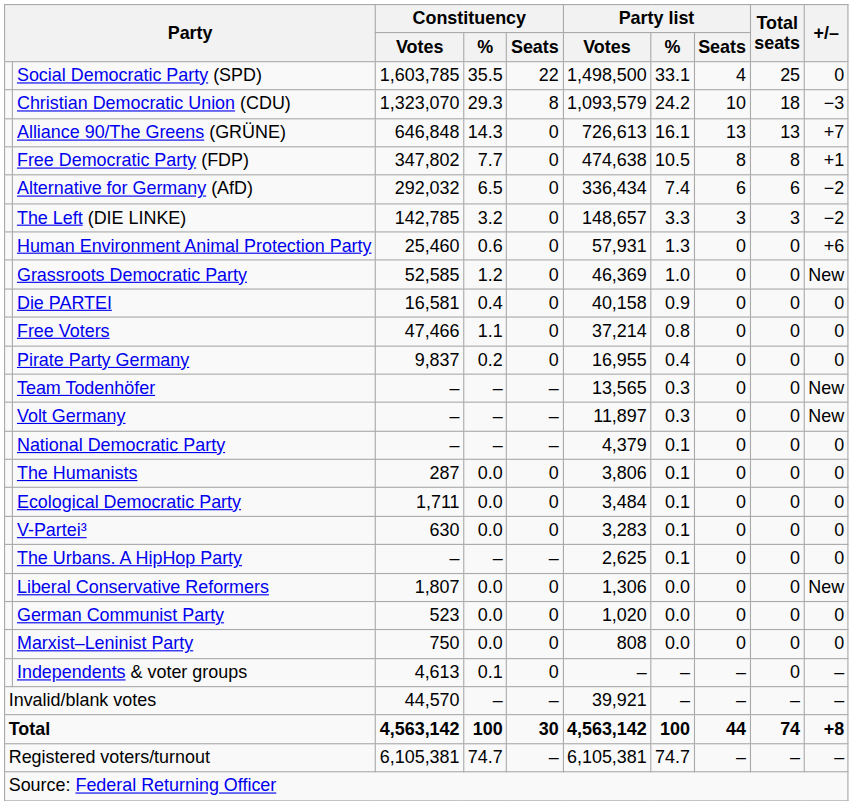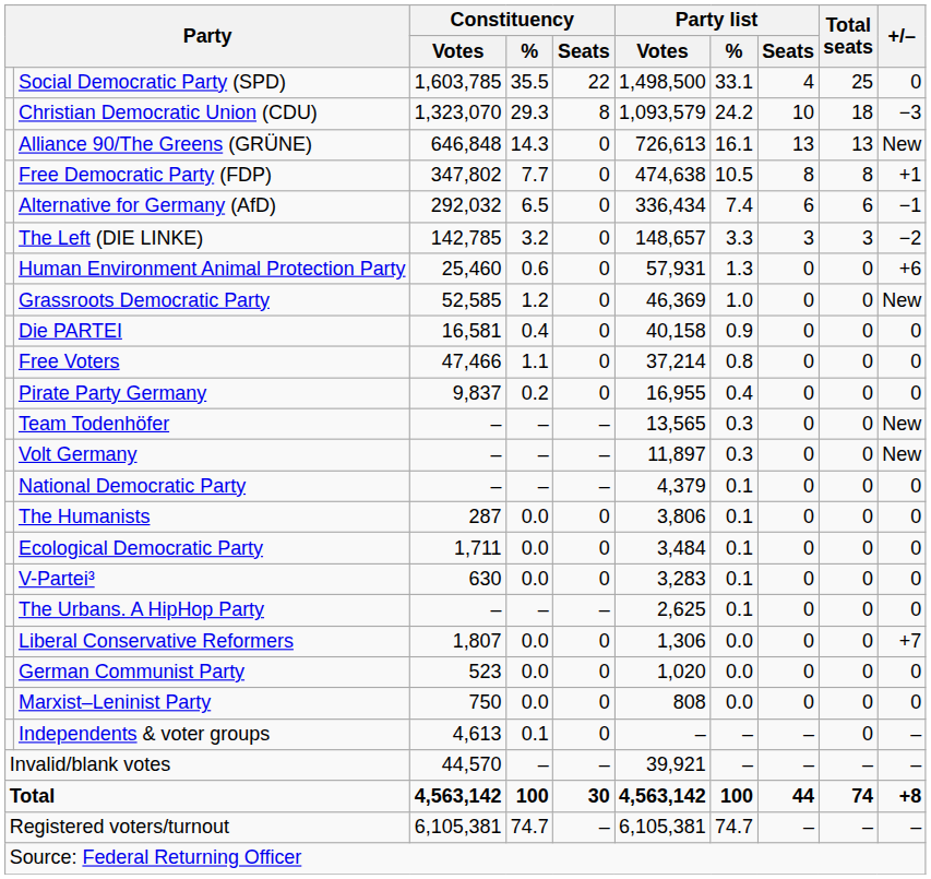 <table class="wikitable" style="text-align:right">
 <tr>
 <th colspan="2" rowspan="2">Party</th>
 <th colspan="3">Constituency</th>
 <th colspan="3">Party list</th>
 <th rowspan="2">Total<br>seats</th>
 <th rowspan="2">+/–</th>
 </tr>
 <tr>
 <th>Votes</th>
 <th>%</th>
 <th>Seats</th>
 <th>Votes</th>
 <th>%</th>
 <th>Seats</th>
 </tr>
 <tr>
 <td></td>
 <td align="left"><a href='#'>Social Democratic Party</a> (SPD)</td>
 <td>1,603,785</td>
 <td>35.5</td>
 <td>22</td>
 <td>1,498,500</td>
 <td>33.1</td>
 <td>4</td>
 <td>25</td>
 <td>0</td>
 </tr>
 <tr>
 <td></td>
 <td align="left"><a href='#'>Christian Democratic Union</a> (CDU)</td>
 <td>1,323,070</td>
 <td>29.3</td>
 <td>8</td>
 <td>1,093,579</td>
 <td>24.2</td>
 <td>10</td>
 <td>18</td>
 <td>−3</td>
 </tr>
 <tr>
 <td></td>
 <td align="left"><a href='#'>Alliance 90/The Greens</a> (GRÜNE)</td>
 <td>646,848</td>
 <td>14.3</td>
 <td>0</td>
 <td>726,613</td>
 <td>16.1</td>
 <td>13</td>
 <td>13</td>
-<td>+7</td>
+<td>New</td>
 </tr>
 <tr>
 <td></td>
 <td align="left"><a href='#'>Free Democratic Party</a> (FDP)</td>
 <td>347,802</td>
 <td>7.7</td>
 <td>0</td>
 <td>474,638</td>
 <td>10.5</td>
 <td>8</td>
 <td>8</td>
 <td>+1</td>
 </tr>
 <tr>
 <td></td>
 <td align="left"><a href='#'>Alternative for Germany</a> (AfD)</td>
 <td>292,032</td>
 <td>6.5</td>
 <td>0</td>
 <td>336,434</td>
 <td>7.4</td>
 <td>6</td>
 <td>6</td>
-<td>−2</td>
+<td>−1</td>
 </tr>
 <tr>
 <td></td>
 <td align="left"><a href='#'>The Left</a> (DIE LINKE)</td>
 <td>142,785</td>
 <td>3.2</td>
 <td>0</td>
 <td>148,657</td>
 <td>3.3</td>
 <td>3</td>
 <td>3</td>
 <td>−2</td>
 </tr>
 <tr>
 <td style="background-color:"></td>
 <td align="left"><a href='#'>Human Environment Animal Protection Party</a></td>
 <td>25,460</td>
 <td>0.6</td>
 <td>0</td>
 <td>57,931</td>
 <td>1.3</td>
 <td>0</td>
 <td>0</td>
 <td>+6</td>
 </tr>
 <tr>
 <td style="background-color:"></td>
 <td align="left"><a href='#'>Grassroots Democratic Party</a></td>
 <td>52,585</td>
 <td>1.2</td>
 <td>0</td>
 <td>46,369</td>
 <td>1.0</td>
 <td>0</td>
 <td>0</td>
 <td>New</td>
 </tr>
 <tr>
 <td style="background-color:"></td>
 <td align="left"><a href='#'>Die PARTEI</a></td>
 <td>16,581</td>
 <td>0.4</td>
 <td>0</td>
 <td>40,158</td>
 <td>0.9</td>
 <td>0</td>
 <td>0</td>
 <td>0</td>
 </tr>
 <tr>
 <td style="background-color:"></td>
 <td align="left"><a href='#'>Free Voters</a></td>
 <td>47,466</td>
 <td>1.1</td>
 <td>0</td>
 <td>37,214</td>
 <td>0.8</td>
 <td>0</td>
 <td>0</td>
 <td>0</td>
 </tr>
 <tr>
 <td style="background-color:"></td>
 <td align="left"><a href='#'>Pirate Party Germany</a></td>
 <td>9,837</td>
 <td>0.2</td>
 <td>0</td>
 <td>16,955</td>
 <td>0.4</td>
 <td>0</td>
 <td>0</td>
 <td>0</td>
 </tr>
 <tr>
 <td style="background-color:"></td>
 <td align="left"><a href='#'>Team Todenhöfer</a></td>
 <td>–</td>
 <td>–</td>
 <td>–</td>
 <td>13,565</td>
 <td>0.3</td>
 <td>0</td>
 <td>0</td>
 <td>New</td>
 </tr>
 <tr>
 <td style="background-color:"></td>
 <td align="left"><a href='#'>Volt Germany</a></td>
 <td>–</td>
 <td>–</td>
 <td>–</td>
 <td>11,897</td>
 <td>0.3</td>
 <td>0</td>
 <td>0</td>
 <td>New</td>
 </tr>
 <tr>
 <td style="background-color:"></td>
 <td align="left"><a href='#'>National Democratic Party</a></td>
 <td>–</td>
 <td>–</td>
 <td>–</td>
 <td>4,379</td>
 <td>0.1</td>
 <td>0</td>
 <td>0</td>
 <td>0</td>
 </tr>
 <tr>
 <td style="background-color:"></td>
 <td align="left"><a href='#'>The Humanists</a></td>
 <td>287</td>
 <td>0.0</td>
 <td>0</td>
 <td>3,806</td>
 <td>0.1</td>
 <td>0</td>
 <td>0</td>
 <td>0</td>
 </tr>
 <tr>
 <td style="background-color:"></td>
 <td align="left"><a href='#'>Ecological Democratic Party</a></td>
 <td>1,711</td>
 <td>0.0</td>
 <td>0</td>
 <td>3,484</td>
 <td>0.1</td>
 <td>0</td>
 <td>0</td>
 <td>0</td>
 </tr>
 <tr>
 <td style="background-color:"></td>
 <td align="left"><a href='#'>V-Partei³</a></td>
 <td>630</td>
 <td>0.0</td>
 <td>0</td>
 <td>3,283</td>
 <td>0.1</td>
 <td>0</td>
 <td>0</td>
 <td>0</td>
 </tr>
 <tr>
 <td style="background-color:"></td>
 <td align="left"><a href='#'>The Urbans. A HipHop Party</a></td>
 <td>–</td>
 <td>–</td>
 <td>–</td>
 <td>2,625</td>
 <td>0.1</td>
 <td>0</td>
 <td>0</td>
 <td>0</td>
 </tr>
 <tr>
 <td style="background-color:"></td>
 <td align="left"><a href='#'>Liberal Conservative Reformers</a></td>
 <td>1,807</td>
 <td>0.0</td>
 <td>0</td>
 <td>1,306</td>
 <td>0.0</td>
 <td>0</td>
 <td>0</td>
-<td>New</td>
+<td>+7</td>
 </tr>
 <tr>
 <td style="background-color:"></td>
 <td align="left"><a href='#'>German Communist Party</a></td>
 <td>523</td>
 <td>0.0</td>
 <td>0</td>
 <td>1,020</td>
 <td>0.0</td>
 <td>0</td>
 <td>0</td>
 <td>0</td>
 </tr>
 <tr>
 <td style="background-color:"></td>
 <td align="left"><a href='#'>Marxist–Leninist Party</a></td>
 <td>750</td>
 <td>0.0</td>
 <td>0</td>
 <td>808</td>
 <td>0.0</td>
 <td>0</td>
 <td>0</td>
 <td>0</td>
 </tr>
 <tr>
 <td style="background-color:"></td>
 <td align="left"><a href='#'>Independents</a> & voter groups</td>
 <td>4,613</td>
 <td>0.1</td>
 <td>0</td>
 <td>–</td>
 <td>–</td>
 <td>–</td>
 <td>0</td>
 <td>–</td>
 </tr>
 <tr>
 <td colspan="2" align="left">Invalid/blank votes</td>
 <td>44,570</td>
 <td>–</td>
 <td>–</td>
 <td>39,921</td>
 <td>–</td>
 <td>–</td>
 <td>–</td>
 <td>–</td>
 </tr>
 <tr>
 <td colspan="2" align="left"><strong>Total</strong></td>
 <td><strong>4,563,142</strong></td>
 <td><strong>100</strong></td>
 <td><strong>30</strong></td>
 <td><strong>4,563,142</strong></td>
 <td><strong>100</strong></td>
 <td><strong>44</strong></td>
 <td><strong>74</strong></td>
 <td><strong>+8</strong></td>
 </tr>
 <tr>
 <td colspan="2" align="left">Registered voters/turnout</td>
 <td>6,105,381</td>
 <td>74.7</td>
 <td>–</td>
 <td>6,105,381</td>
 <td>74.7</td>
 <td>–</td>
 <td>–</td>
 <td>–</td>
 </tr>
 <tr>
 <td colspan="10" align="left">Source: <a href='#'>Federal Returning Officer</a></td>
 </tr>
 </table>
